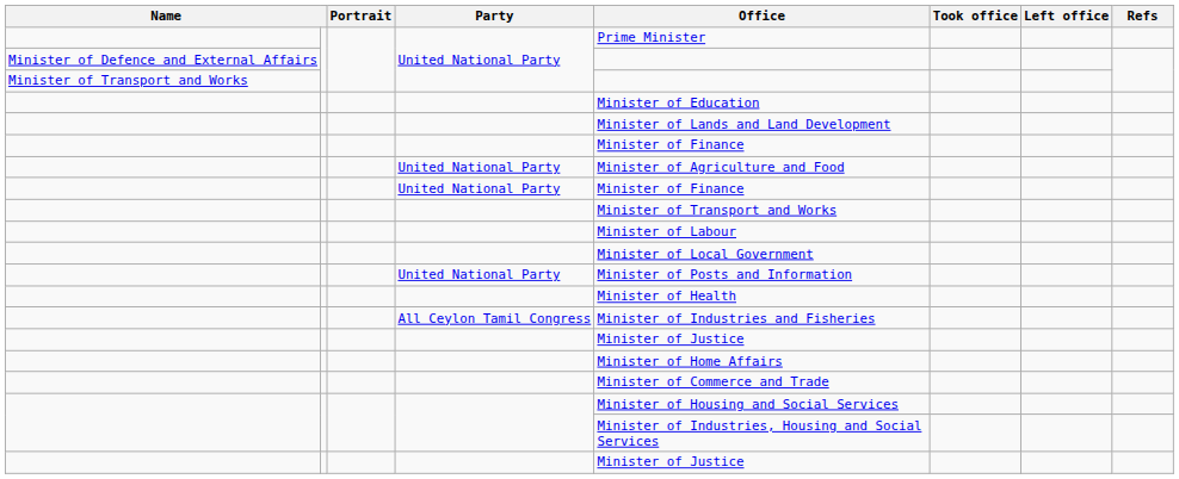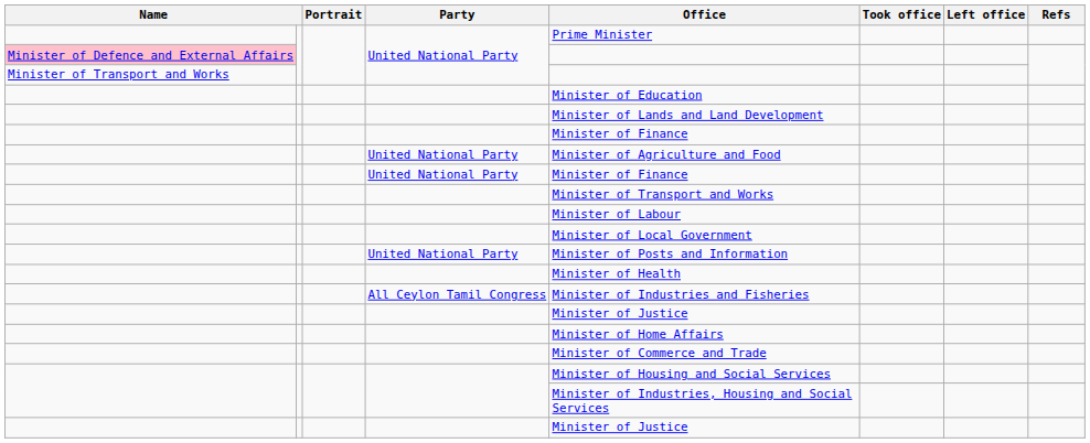 <table class="wikitable plainrowheaders sortable" style="font-size:90%; text-align:left;">
 <tr>
 <th scope=col colspan="2">Name</th>
 <th scope=col class=unsortable>Portrait</th>
 <th scope=col>Party</th>
 <th scope=col width=300px>Office</th>
 <th scope=col>Took office</th>
 <th scope=col>Left office</th>
 <th scope=col width=50px class=unsortable>Refs</th>
 </tr>
 <tr>
 <td !align="center" style="background:"></td>
 <td rowspan=3></td>
 <td align=center rowspan=3></td>
 <td rowspan=3><a href='#'>United National Party</a></td>
 <td><a href='#'>Prime Minister</a></td>
 <td align=center></td>
 <td align=center></td>
 <td align=center></td>
 </tr>
 <tr>
-<td><a href='#'>Minister of Defence and External Affairs</a></td>
+<td style="background: pink;"><a href='#'>Minister of Defence and External Affairs</a></td>
 <td align=center></td>
 <td align=center></td>
 <td align=center></td>
 </tr>
 <tr>
 <td><a href='#'>Minister of Transport and Works</a></td>
 <td align=center></td>
 <td align=center></td>
 <td align=center></td>
 </tr>
 <tr>
 <td !align="center" style="background:"></td>
 <td></td>
 <td align=center></td>
 <td></td>
 <td><a href='#'>Minister of Education</a></td>
 <td align=center></td>
 <td align=center></td>
 <td align=center></td>
 </tr>
 <tr>
 <td></td>
 <td></td>
 <td align=center></td>
 <td></td>
 <td><a href='#'>Minister of Lands and Land Development</a></td>
 <td align=center></td>
 <td align=center></td>
 <td align=center></td>
 </tr>
 <tr>
 <td></td>
 <td></td>
 <td align=center></td>
 <td></td>
 <td><a href='#'>Minister of Finance</a></td>
 <td align=center></td>
 <td align=center></td>
 <td align=center></td>
 </tr>
 <tr>
 <td !align="center" style="background:"></td>
 <td></td>
 <td align=center></td>
 <td><a href='#'>United National Party</a></td>
 <td><a href='#'>Minister of Agriculture and Food</a></td>
 <td align=center></td>
 <td align=center></td>
 <td align=center></td>
 </tr>
 <tr>
 <td !align="center" style="background:"></td>
 <td></td>
 <td align=center></td>
 <td><a href='#'>United National Party</a></td>
 <td><a href='#'>Minister of Finance</a></td>
 <td align=center></td>
 <td align=center></td>
 <td align=center></td>
 </tr>
 <tr>
 <td></td>
 <td></td>
 <td align=center></td>
 <td></td>
 <td><a href='#'>Minister of Transport and Works</a></td>
 <td align=center></td>
 <td align=center></td>
 <td align=center></td>
 </tr>
 <tr>
 <td></td>
 <td></td>
 <td align=center></td>
 <td></td>
 <td><a href='#'>Minister of Labour</a></td>
 <td align=center></td>
 <td align=center></td>
 <td align=center></td>
 </tr>
 <tr>
 <td></td>
 <td></td>
 <td align=center></td>
 <td></td>
 <td><a href='#'>Minister of Local Government</a></td>
 <td align=center></td>
 <td align=center></td>
 <td align=center></td>
 </tr>
 <tr>
 <td !align="center" style="background:"></td>
 <td></td>
 <td align=center></td>
 <td><a href='#'>United National Party</a></td>
 <td><a href='#'>Minister of Posts and Information</a></td>
 <td align=center></td>
 <td align=center></td>
 <td align=center></td>
 </tr>
 <tr>
 <td></td>
 <td></td>
 <td align=center></td>
 <td></td>
 <td><a href='#'>Minister of Health</a></td>
 <td align=center></td>
 <td align=center></td>
 <td align=center></td>
 </tr>
 <tr>
 <td !align="center" style="background:"></td>
 <td></td>
 <td align=center></td>
 <td><a href='#'>All Ceylon Tamil Congress</a></td>
 <td><a href='#'>Minister of Industries and Fisheries</a></td>
 <td align=center></td>
 <td align=center></td>
 <td align=center></td>
 </tr>
 <tr>
 <td></td>
 <td></td>
 <td align=center></td>
 <td></td>
 <td><a href='#'>Minister of Justice</a></td>
 <td align=center></td>
 <td align=center></td>
 <td align=center></td>
 </tr>
 <tr>
 <td></td>
 <td></td>
 <td align=center></td>
 <td></td>
 <td><a href='#'>Minister of Home Affairs</a></td>
 <td align=center></td>
 <td align=center></td>
 <td align=center></td>
 </tr>
 <tr>
 <td></td>
 <td></td>
 <td align=center></td>
 <td></td>
 <td><a href='#'>Minister of Commerce and Trade</a></td>
 <td align=center></td>
 <td align=center></td>
 <td align=center></td>
 </tr>
 <tr>
 <td rowspan=2></td>
 <td rowspan=2></td>
 <td align=center rowspan=2></td>
 <td rowspan=2></td>
 <td><a href='#'>Minister of Housing and Social Services</a></td>
 <td align=center></td>
 <td align=center></td>
 <td align=center></td>
 </tr>
 <tr>
 <td><a href='#'>Minister of Industries, Housing and Social Services</a></td>
 <td align=center></td>
 <td align=center></td>
 <td align=center></td>
 </tr>
 <tr>
 <td></td>
 <td></td>
 <td align=center></td>
 <td></td>
 <td><a href='#'>Minister of Justice</a></td>
 <td align=center></td>
 <td align=center></td>
 <td align=center></td>
 </tr>
 </table>
